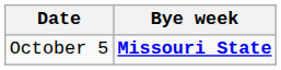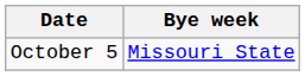 <table class="wikitable" style="font-size:95%;">
 <tr>
 <th>Date</th>
 <th>Bye week</th>
 </tr>
 <tr>
 <td>October 5</td>
-<td><strong><a href='#'>Missouri State</a></strong></td>
+<td><a href='#'>Missouri State</a></td>
 </tr>
 </table>
